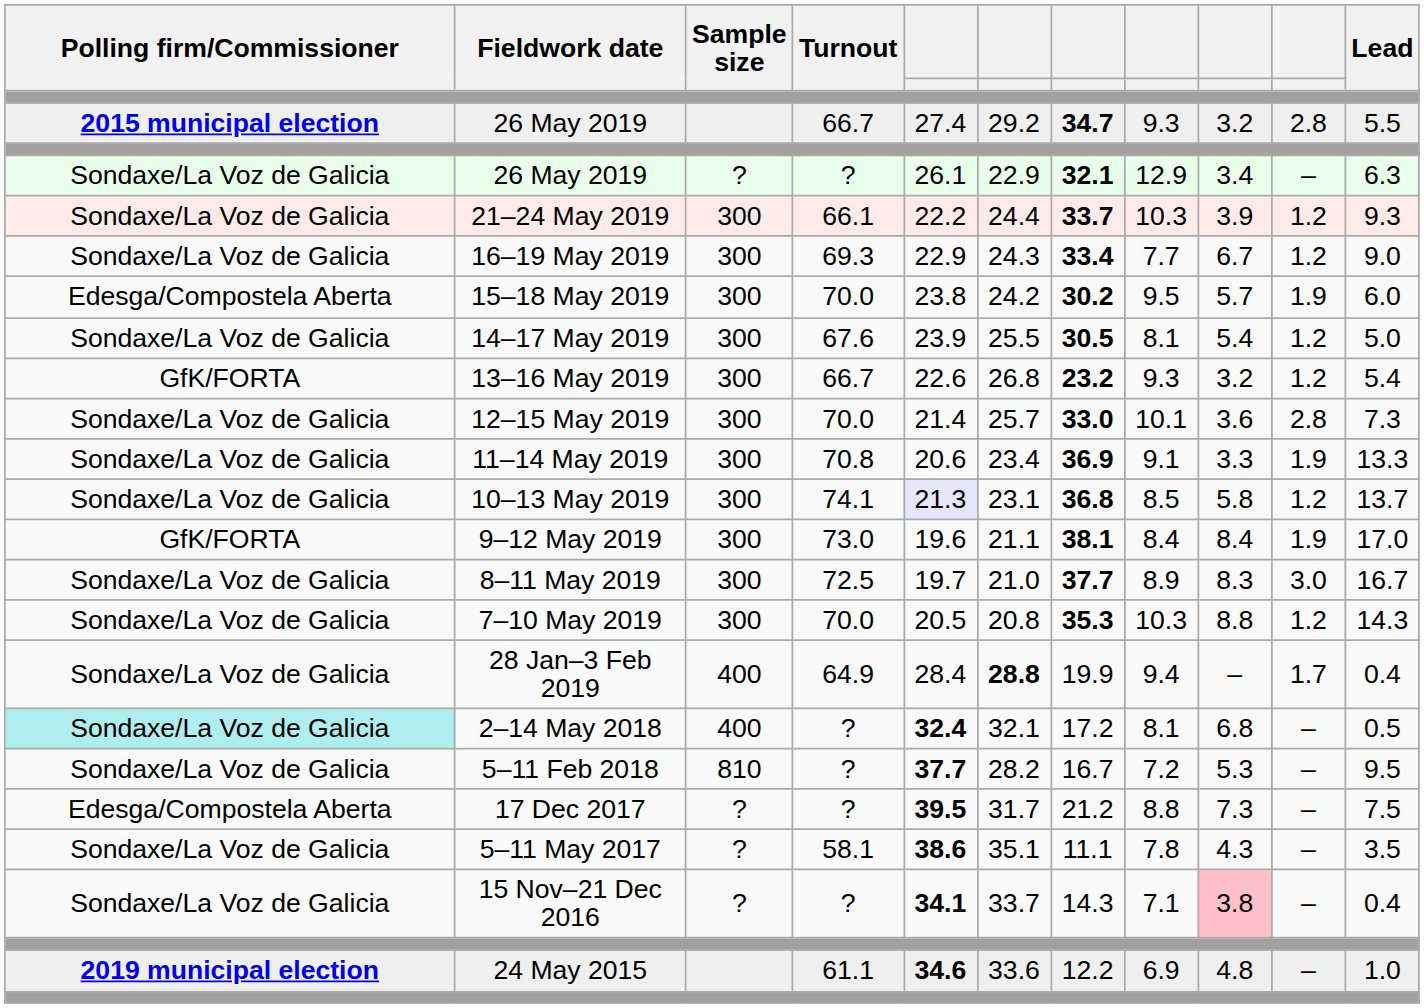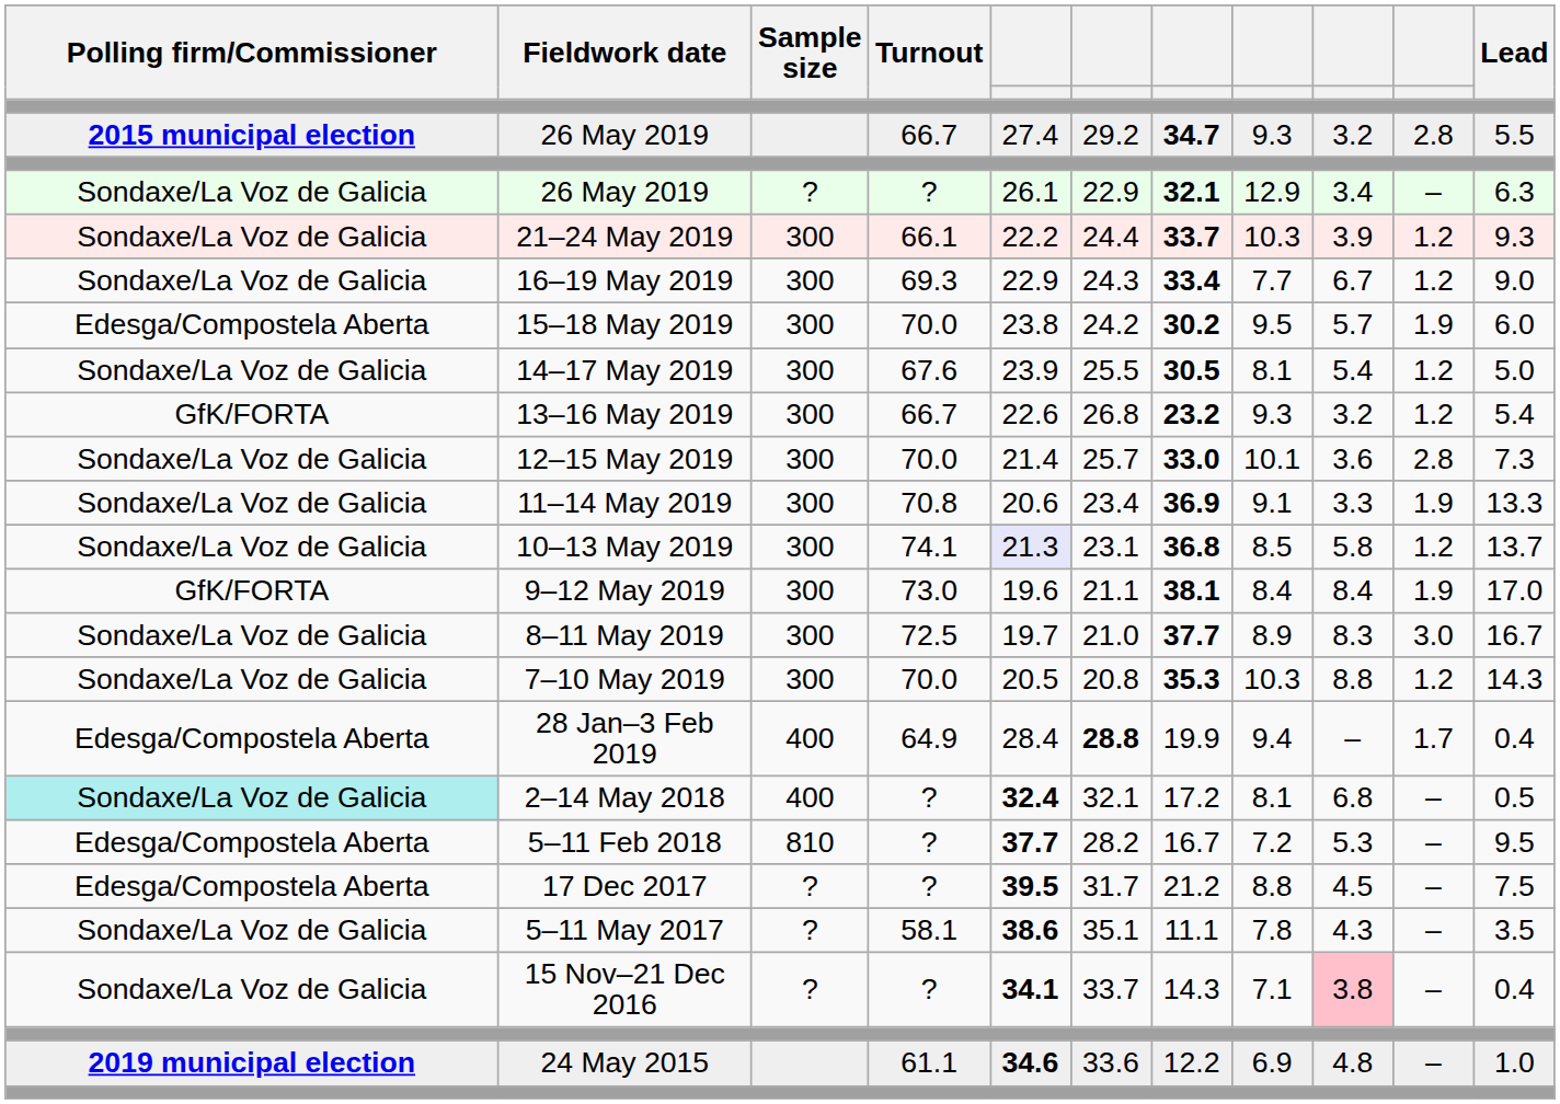 <table class="wikitable collapsible collapsed" style="text-align:center; font-size:95%; line-height:16px;">
 <tr style="height:42px;">
 <th style="width:250px;" rowspan="2">Polling firm/Commissioner</th>
 <th style="width:125px;" rowspan="2">Fieldwork date</th>
 <th style="width:50px;" rowspan="2">Sample size</th>
 <th style="width:45px;" rowspan="2">Turnout</th>
 <th style="width:35px;"></th>
 <th style="width:35px;"></th>
 <th style="width:35px;"></th>
 <th style="width:35px;"></th>
 <th style="width:35px;"></th>
 <th style="width:35px;"></th>
 <th style="width:30px;" rowspan="2">Lead</th>
 </tr>
 <tr>
 <th style="color:inherit;background:"></th>
 <th style="color:inherit;background:"></th>
 <th style="color:inherit;background:"></th>
 <th style="color:inherit;background:"></th>
 <th style="color:inherit;background:"></th>
 <th style="color:inherit;background:"></th>
 </tr>
 <tr>
 <td colspan="11" style="background:#A0A0A0"></td>
 </tr>
 <tr style="background:#EFEFEF;">
 <td><strong><a href='#'>2015 municipal election</a></strong></td>
 <td>26 May 2019</td>
 <td></td>
 <td>66.7</td>
 <td>27.4<br></td>
 <td>29.2<br></td>
 <td><strong>34.7</strong><br></td>
 <td>9.3<br></td>
 <td>3.2<br></td>
 <td>2.8<br></td>
 <td style="background:">5.5</td>
 </tr>
 <tr>
 <td colspan="11" style="background:#A0A0A0"></td>
 </tr>
 <tr style="background:#EAFFEA;">
 <td>Sondaxe/La Voz de Galicia</td>
 <td>26 May 2019</td>
 <td>?</td>
 <td>?</td>
 <td>26.1<br></td>
 <td>22.9<br></td>
 <td><strong>32.1</strong><br></td>
 <td>12.9<br></td>
 <td>3.4<br></td>
 <td>–</td>
 <td style="background:">6.3</td>
 </tr>
 <tr style="background:#FFEAEA;">
 <td>Sondaxe/La Voz de Galicia</td>
 <td>21–24 May 2019</td>
 <td>300</td>
 <td>66.1</td>
 <td>22.2<br></td>
 <td>24.4<br></td>
 <td><strong>33.7</strong><br></td>
 <td>10.3<br></td>
 <td>3.9<br></td>
 <td>1.2<br></td>
 <td style="background:">9.3</td>
 </tr>
 <tr>
 <td>Sondaxe/La Voz de Galicia</td>
 <td>16–19 May 2019</td>
 <td>300</td>
 <td>69.3</td>
 <td>22.9<br></td>
 <td>24.3<br></td>
 <td><strong>33.4</strong><br></td>
 <td>7.7<br></td>
 <td>6.7<br></td>
 <td>1.2<br></td>
 <td style="background:">9.0</td>
 </tr>
 <tr>
 <td>Edesga/Compostela Aberta</td>
 <td>15–18 May 2019</td>
 <td>300</td>
 <td>70.0</td>
 <td>23.8<br></td>
 <td>24.2<br></td>
 <td><strong>30.2</strong><br></td>
 <td>9.5<br></td>
 <td>5.7<br></td>
 <td>1.9<br></td>
 <td style="background:">6.0</td>
 </tr>
 <tr>
 <td>Sondaxe/La Voz de Galicia</td>
 <td>14–17 May 2019</td>
 <td>300</td>
 <td>67.6</td>
 <td>23.9<br></td>
 <td>25.5<br></td>
 <td><strong>30.5</strong><br></td>
 <td>8.1<br></td>
 <td>5.4<br></td>
 <td>1.2<br></td>
 <td style="background:">5.0</td>
 </tr>
 <tr>
 <td>GfK/FORTA</td>
 <td>13–16 May 2019</td>
 <td>300</td>
 <td>66.7</td>
 <td>22.6<br></td>
 <td>26.8<br></td>
 <td><strong>23.2</strong><br></td>
 <td>9.3<br></td>
 <td>3.2<br></td>
 <td>1.2<br></td>
 <td style="background:">5.4</td>
 </tr>
 <tr>
 <td>Sondaxe/La Voz de Galicia</td>
 <td>12–15 May 2019</td>
 <td>300</td>
 <td>70.0</td>
 <td>21.4<br></td>
 <td>25.7<br></td>
 <td><strong>33.0</strong><br></td>
 <td>10.1<br></td>
 <td>3.6<br></td>
 <td>2.8<br></td>
 <td style="background:">7.3</td>
 </tr>
 <tr>
 <td>Sondaxe/La Voz de Galicia</td>
 <td>11–14 May 2019</td>
 <td>300</td>
 <td>70.8</td>
 <td>20.6<br></td>
 <td>23.4<br></td>
 <td><strong>36.9</strong><br></td>
 <td>9.1<br></td>
 <td>3.3<br></td>
 <td>1.9<br></td>
 <td style="background:">13.3</td>
 </tr>
 <tr>
 <td>Sondaxe/La Voz de Galicia</td>
 <td>10–13 May 2019</td>
 <td>300</td>
 <td>74.1</td>
 <td style="background: lavender;">21.3<br></td>
 <td>23.1<br></td>
 <td><strong>36.8</strong><br></td>
 <td>8.5<br></td>
 <td>5.8<br></td>
 <td>1.2<br></td>
 <td style="background:">13.7</td>
 </tr>
 <tr>
 <td>GfK/FORTA</td>
 <td>9–12 May 2019</td>
 <td>300</td>
 <td>73.0</td>
 <td>19.6<br></td>
 <td>21.1<br></td>
 <td><strong>38.1</strong><br></td>
 <td>8.4<br></td>
 <td>8.4<br></td>
 <td>1.9<br></td>
 <td style="background:">17.0</td>
 </tr>
 <tr>
 <td>Sondaxe/La Voz de Galicia</td>
 <td>8–11 May 2019</td>
 <td>300</td>
 <td>72.5</td>
 <td>19.7<br></td>
 <td>21.0<br></td>
 <td><strong>37.7</strong><br></td>
 <td>8.9<br></td>
 <td>8.3<br></td>
 <td>3.0<br></td>
 <td style="background:">16.7</td>
 </tr>
 <tr>
 <td>Sondaxe/La Voz de Galicia</td>
 <td>7–10 May 2019</td>
 <td>300</td>
 <td>70.0</td>
 <td>20.5<br></td>
 <td>20.8<br></td>
 <td><strong>35.3</strong><br></td>
 <td>10.3<br></td>
 <td>8.8<br></td>
 <td>1.2<br></td>
 <td style="background:">14.3</td>
 </tr>
 <tr>
-<td>Sondaxe/La Voz de Galicia</td>
+<td>Edesga/Compostela Aberta</td>
 <td>28 Jan–3 Feb 2019</td>
 <td>400</td>
 <td>64.9</td>
 <td>28.4<br></td>
 <td><strong>28.8</strong><br></td>
 <td>19.9<br></td>
 <td>9.4<br></td>
 <td>–</td>
 <td>1.7<br></td>
 <td style="background:">0.4</td>
 </tr>
 <tr>
 <td style="background: paleturquoise;">Sondaxe/La Voz de Galicia</td>
 <td>2–14 May 2018</td>
 <td>400</td>
 <td>?</td>
 <td><strong>32.4</strong><br></td>
 <td>32.1<br></td>
 <td>17.2<br></td>
 <td>8.1<br></td>
 <td>6.8<br></td>
 <td>–</td>
 <td style="background:">0.5</td>
 </tr>
 <tr>
-<td>Sondaxe/La Voz de Galicia</td>
+<td>Edesga/Compostela Aberta</td>
 <td>5–11 Feb 2018</td>
 <td>810</td>
 <td>?</td>
 <td><strong>37.7</strong><br></td>
 <td>28.2<br></td>
 <td>16.7<br></td>
 <td>7.2<br></td>
 <td>5.3<br></td>
 <td>–</td>
 <td style="background:">9.5</td>
 </tr>
 <tr>
 <td>Edesga/Compostela Aberta</td>
 <td>17 Dec 2017</td>
 <td>?</td>
 <td>?</td>
 <td><strong>39.5</strong><br></td>
 <td>31.7<br></td>
 <td>21.2<br></td>
 <td>8.8<br></td>
-<td>7.3<br></td>
+<td>4.5<br></td>
 <td>–</td>
 <td style="background:">7.5</td>
 </tr>
 <tr>
 <td>Sondaxe/La Voz de Galicia</td>
 <td>5–11 May 2017</td>
 <td>?</td>
 <td>58.1</td>
 <td><strong>38.6</strong><br></td>
 <td>35.1<br></td>
 <td>11.1<br></td>
 <td>7.8<br></td>
 <td>4.3<br></td>
 <td>–</td>
 <td style="background:">3.5</td>
 </tr>
 <tr>
 <td>Sondaxe/La Voz de Galicia</td>
 <td>15 Nov–21 Dec 2016</td>
 <td>?</td>
 <td>?</td>
 <td><strong>34.1</strong><br></td>
 <td>33.7<br></td>
 <td>14.3<br></td>
 <td>7.1<br></td>
 <td style="background: pink;">3.8<br></td>
 <td>–</td>
 <td style="background:">0.4</td>
 </tr>
 <tr>
 <td colspan="11" style="background:#A0A0A0"></td>
 </tr>
 <tr style="background:#EFEFEF;">
 <td><strong><a href='#'>2019 municipal election</a></strong></td>
 <td>24 May 2015</td>
 <td></td>
 <td>61.1</td>
 <td><strong>34.6</strong><br></td>
 <td>33.6<br></td>
 <td>12.2<br></td>
 <td>6.9<br></td>
 <td>4.8<br></td>
 <td>–</td>
 <td style="background:">1.0</td>
 </tr>
 <tr>
 <td colspan="11" style="background:#A0A0A0"></td>
 </tr>
 </table>
